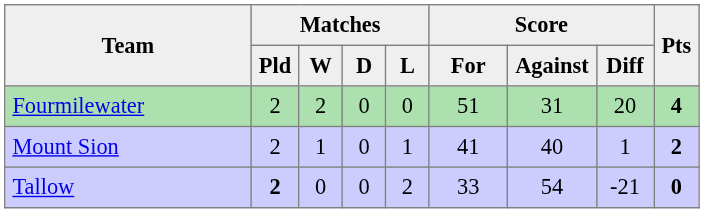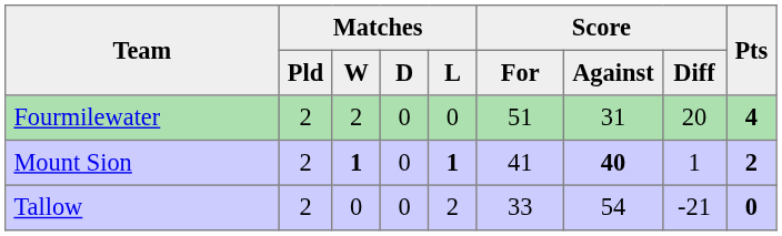 <table style=border-collapse:collapse border=1 cellspacing=0 cellpadding=5>
 <tr align=center bgcolor=#efefef>
 <th rowspan=2 width=165>Team</th>
 <th colspan=4>Matches</th>
 <th colspan=3>Score</th>
 <th rowspan=2width=20>Pts</th>
 </tr>
 <tr align=center bgcolor=#efefef>
 <th width=20>Pld</th>
 <th width=20>W</th>
 <th width=20>D</th>
 <th width=20>L</th>
 <th width=45>For</th>
 <th width=45>Against</th>
 <th width=30>Diff</th>
 </tr>
 <tr align=center style="background:#ACE1AF;">
 <td style="text-align:left;"><a href='#'>Fourmilewater</a></td>
 <td>2</td>
 <td>2</td>
 <td>0</td>
 <td>0</td>
 <td>51</td>
 <td>31</td>
 <td>20</td>
 <td><strong>4</strong></td>
 </tr>
 <tr align=center style="background:#ccccff;">
 <td style="text-align:left;"><a href='#'>Mount Sion</a></td>
 <td>2</td>
-<td>1</td>
+<td><strong>1</strong></td>
 <td>0</td>
-<td>1</td>
+<td><strong>1</strong></td>
 <td>41</td>
-<td>40</td>
+<td><strong>40</strong></td>
 <td>1</td>
 <td><strong>2</strong></td>
 </tr>
 <tr align=center style="background:#ccccff;">
 <td style="text-align:left;"><a href='#'>Tallow</a></td>
-<td><strong>2</strong></td>
+<td>2</td>
 <td>0</td>
 <td>0</td>
 <td>2</td>
 <td>33</td>
 <td>54</td>
 <td>-21</td>
 <td><strong>0</strong></td>
 </tr>
 </table>
